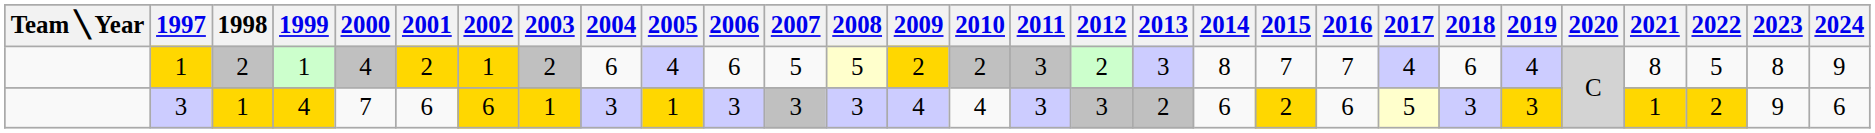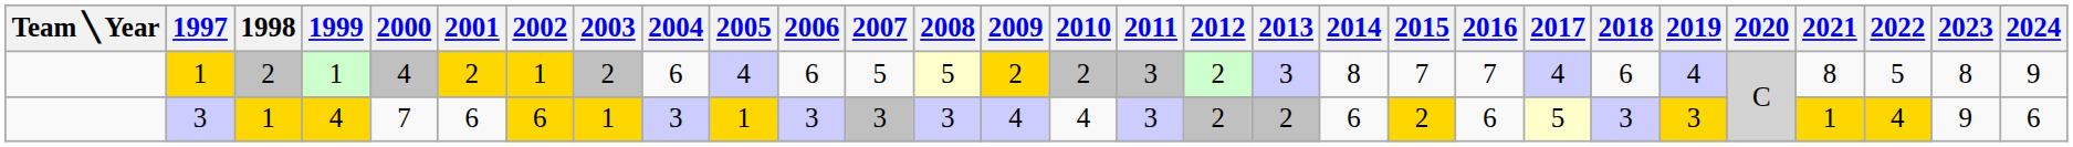 <table class=wikitable style="text-align:center; font-size:90%;">
 <tr>
 <th>Team ╲ Year</th>
 <th><a href='#'>1997</a></th>
 <th>1998</th>
 <th><a href='#'>1999</a></th>
 <th><a href='#'>2000</a></th>
 <th><a href='#'>2001</a></th>
 <th><a href='#'>2002</a></th>
 <th><a href='#'>2003</a></th>
 <th><a href='#'>2004</a></th>
 <th><a href='#'>2005</a></th>
 <th><a href='#'>2006</a></th>
 <th><a href='#'>2007</a></th>
 <th><a href='#'>2008</a></th>
 <th><a href='#'>2009</a></th>
 <th><a href='#'>2010</a></th>
 <th><a href='#'>2011</a></th>
 <th><a href='#'>2012</a></th>
 <th><a href='#'>2013</a></th>
 <th><a href='#'>2014</a></th>
 <th><a href='#'>2015</a></th>
 <th><a href='#'>2016</a></th>
 <th><a href='#'>2017</a></th>
 <th><a href='#'>2018</a></th>
 <th><a href='#'>2019</a></th>
 <th><a href='#'>2020</a></th>
 <th><a href='#'>2021</a></th>
 <th><a href='#'>2022</a></th>
 <th><a href='#'>2023</a></th>
 <th><a href='#'>2024</a></th>
 </tr>
 <tr>
 <td align=left><strong></strong></td>
 <td bgcolor=gold>1</td>
 <td bgcolor=silver>2</td>
 <td bgcolor=CCFFCC>1</td>
 <td bgcolor=silver>4</td>
 <td bgcolor=gold>2</td>
 <td bgcolor=gold>1</td>
 <td bgcolor=silver>2</td>
 <td>6</td>
 <td bgcolor=ccccff>4</td>
 <td>6</td>
 <td>5</td>
 <td bgcolor=FFFFCC>5</td>
 <td bgcolor=gold>2</td>
 <td bgcolor=silver>2</td>
 <td bgcolor=silver>3</td>
 <td bgcolor=CCFFCC>2</td>
 <td bgcolor=CCCCFF>3</td>
 <td>8</td>
 <td>7</td>
 <td>7</td>
 <td bgcolor=ccccff>4</td>
 <td>6</td>
 <td bgcolor=ccccff>4</td>
 <td bgcolor=D3D3D3 rowspan=2>C</td>
 <td>8</td>
 <td>5</td>
 <td>8</td>
 <td>9</td>
 </tr>
 <tr>
 <td align=left><strong></strong></td>
 <td bgcolor=#CCCCFF>3</td>
 <td bgcolor=gold>1</td>
 <td bgcolor=gold>4</td>
 <td>7</td>
 <td>6</td>
 <td style="background: gold;">6</td>
 <td bgcolor=gold>1</td>
 <td bgcolor=ccccff>3</td>
 <td bgcolor=gold>1</td>
 <td bgcolor=ccccff>3</td>
 <td bgcolor=silver>3</td>
 <td bgcolor=ccccff>3</td>
 <td bgcolor=ccccff>4</td>
 <td>4</td>
 <td bgcolor=ccccff>3</td>
-<td bgcolor=silver>3</td>
+<td bgcolor=silver>2</td>
 <td bgcolor=silver>2</td>
 <td>6</td>
 <td bgcolor=gold>2</td>
 <td>6</td>
 <td bgcolor=FFFFCC>5</td>
 <td bgcolor=CCCCFF>3</td>
 <td bgcolor=gold>3</td>
 <td bgcolor=gold>1</td>
-<td bgcolor=gold>2</td>
+<td bgcolor=gold>4</td>
 <td>9</td>
 <td>6</td>
 </tr>
 </table>
